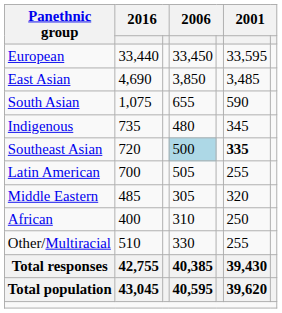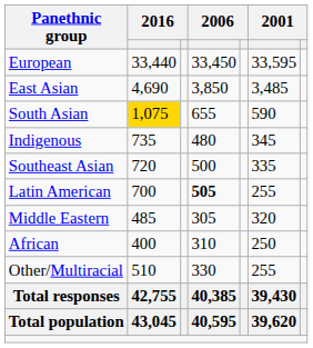 <table class="wikitable sortable">
 <tr>
 <th rowspan="2"><a href='#'>Panethnic</a><br>group</th>
 <th colspan="2">2016</th>
 <th colspan="2">2006</th>
 <th colspan="2">2001</th>
 </tr>
 <tr>
 <th><a href='#'></a></th>
 <th></th>
 <th></th>
 <th></th>
 <th></th>
 <th></th>
 </tr>
 <tr>
 <td><a href='#'>European</a></td>
 <td>33,440</td>
 <td></td>
 <td>33,450</td>
 <td></td>
 <td>33,595</td>
 <td></td>
 </tr>
 <tr>
 <td><a href='#'>East Asian</a></td>
 <td>4,690</td>
 <td></td>
 <td>3,850</td>
 <td></td>
 <td>3,485</td>
 <td></td>
 </tr>
 <tr>
 <td><a href='#'>South Asian</a></td>
-<td>1,075</td>
+<td style="background: gold;">1,075</td>
 <td></td>
 <td>655</td>
 <td></td>
 <td>590</td>
 <td></td>
 </tr>
 <tr>
 <td><a href='#'>Indigenous</a></td>
 <td>735</td>
 <td></td>
 <td>480</td>
 <td></td>
 <td>345</td>
 <td></td>
 </tr>
 <tr>
 <td><a href='#'>Southeast Asian</a></td>
 <td>720</td>
 <td></td>
-<td style="background: lightblue;">500</td>
+<td>500</td>
 <td></td>
-<td><strong>335</strong></td>
+<td>335</td>
 <td></td>
 </tr>
 <tr>
 <td><a href='#'>Latin American</a></td>
 <td>700</td>
 <td></td>
-<td>505</td>
+<td><strong>505</strong></td>
 <td></td>
 <td>255</td>
 <td></td>
 </tr>
 <tr>
 <td><a href='#'>Middle Eastern</a></td>
 <td>485</td>
 <td></td>
 <td>305</td>
 <td></td>
 <td>320</td>
 <td></td>
 </tr>
 <tr>
 <td><a href='#'>African</a></td>
 <td>400</td>
 <td></td>
 <td>310</td>
 <td></td>
 <td>250</td>
 <td></td>
 </tr>
 <tr>
 <td>Other/<a href='#'>Multiracial</a></td>
 <td>510</td>
 <td></td>
 <td>330</td>
 <td></td>
 <td>255</td>
 <td></td>
 </tr>
 <tr>
 <th>Total responses</th>
 <th>42,755</th>
 <th></th>
 <th>40,385</th>
 <th></th>
 <th>39,430</th>
 <th></th>
 </tr>
 <tr>
 <th>Total population</th>
 <th>43,045</th>
 <th></th>
 <th>40,595</th>
 <th></th>
 <th>39,620</th>
 <th></th>
 </tr>
 <tr class="sortbottom">
 <td colspan="10"></td>
 </tr>
 </table>
